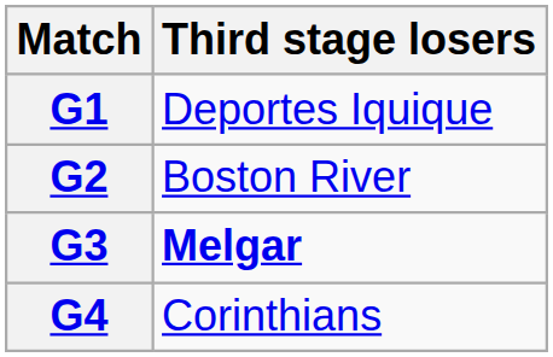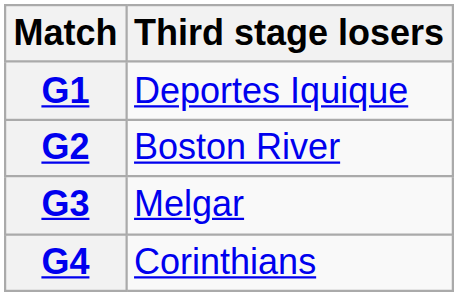 <table class="wikitable">
 <tr>
 <th>Match</th>
 <th>Third stage losers</th>
 </tr>
 <tr>
 <th><a href='#'>G1</a></th>
 <td> <a href='#'>Deportes Iquique</a></td>
 </tr>
 <tr>
 <th><a href='#'>G2</a></th>
 <td> <a href='#'>Boston River</a></td>
 </tr>
 <tr>
 <th><a href='#'>G3</a></th>
-<td><strong> <a href='#'>Melgar</a></strong></td>
+<td> <a href='#'>Melgar</a></td>
 </tr>
 <tr>
 <th><a href='#'>G4</a></th>
 <td> <a href='#'>Corinthians</a></td>
 </tr>
 </table>
